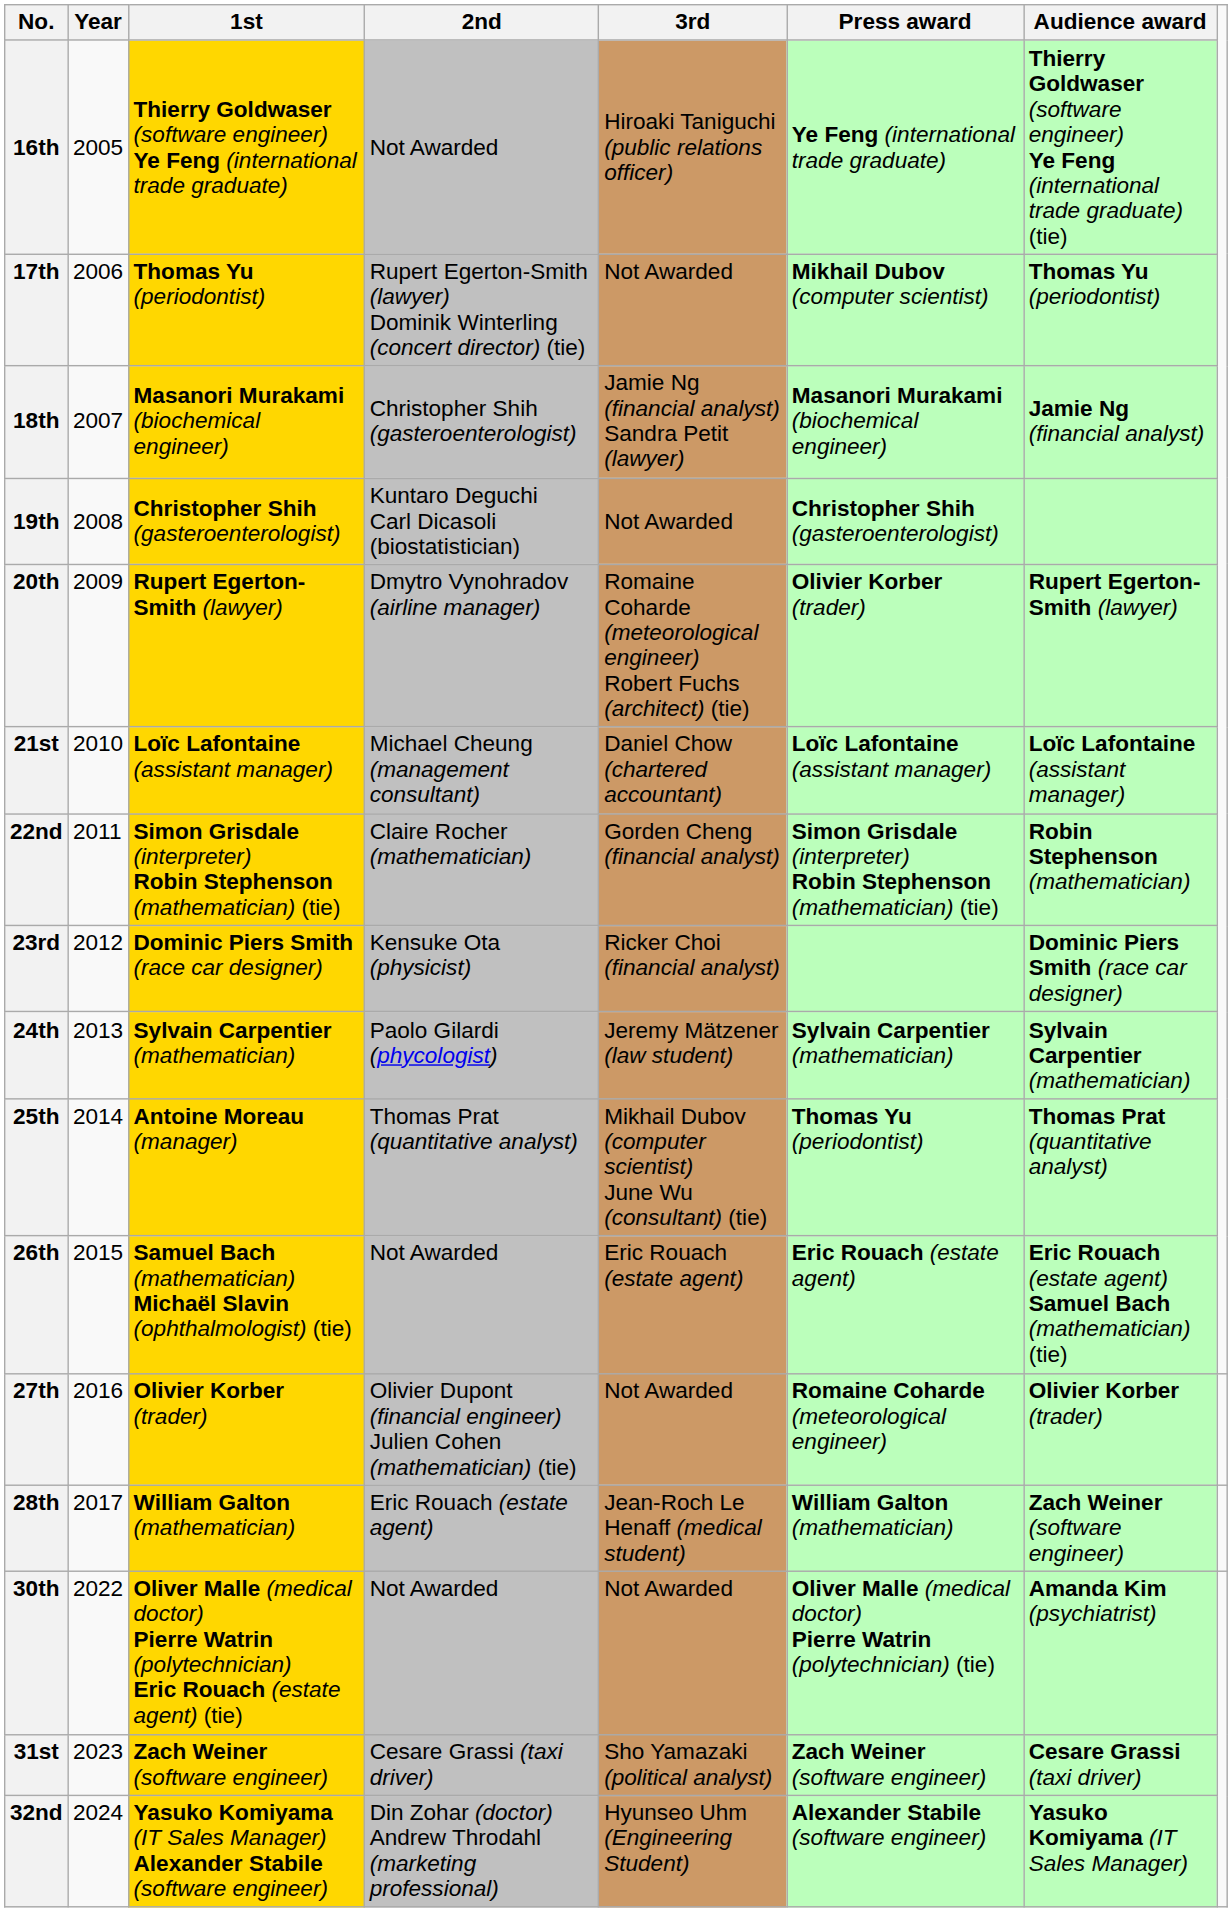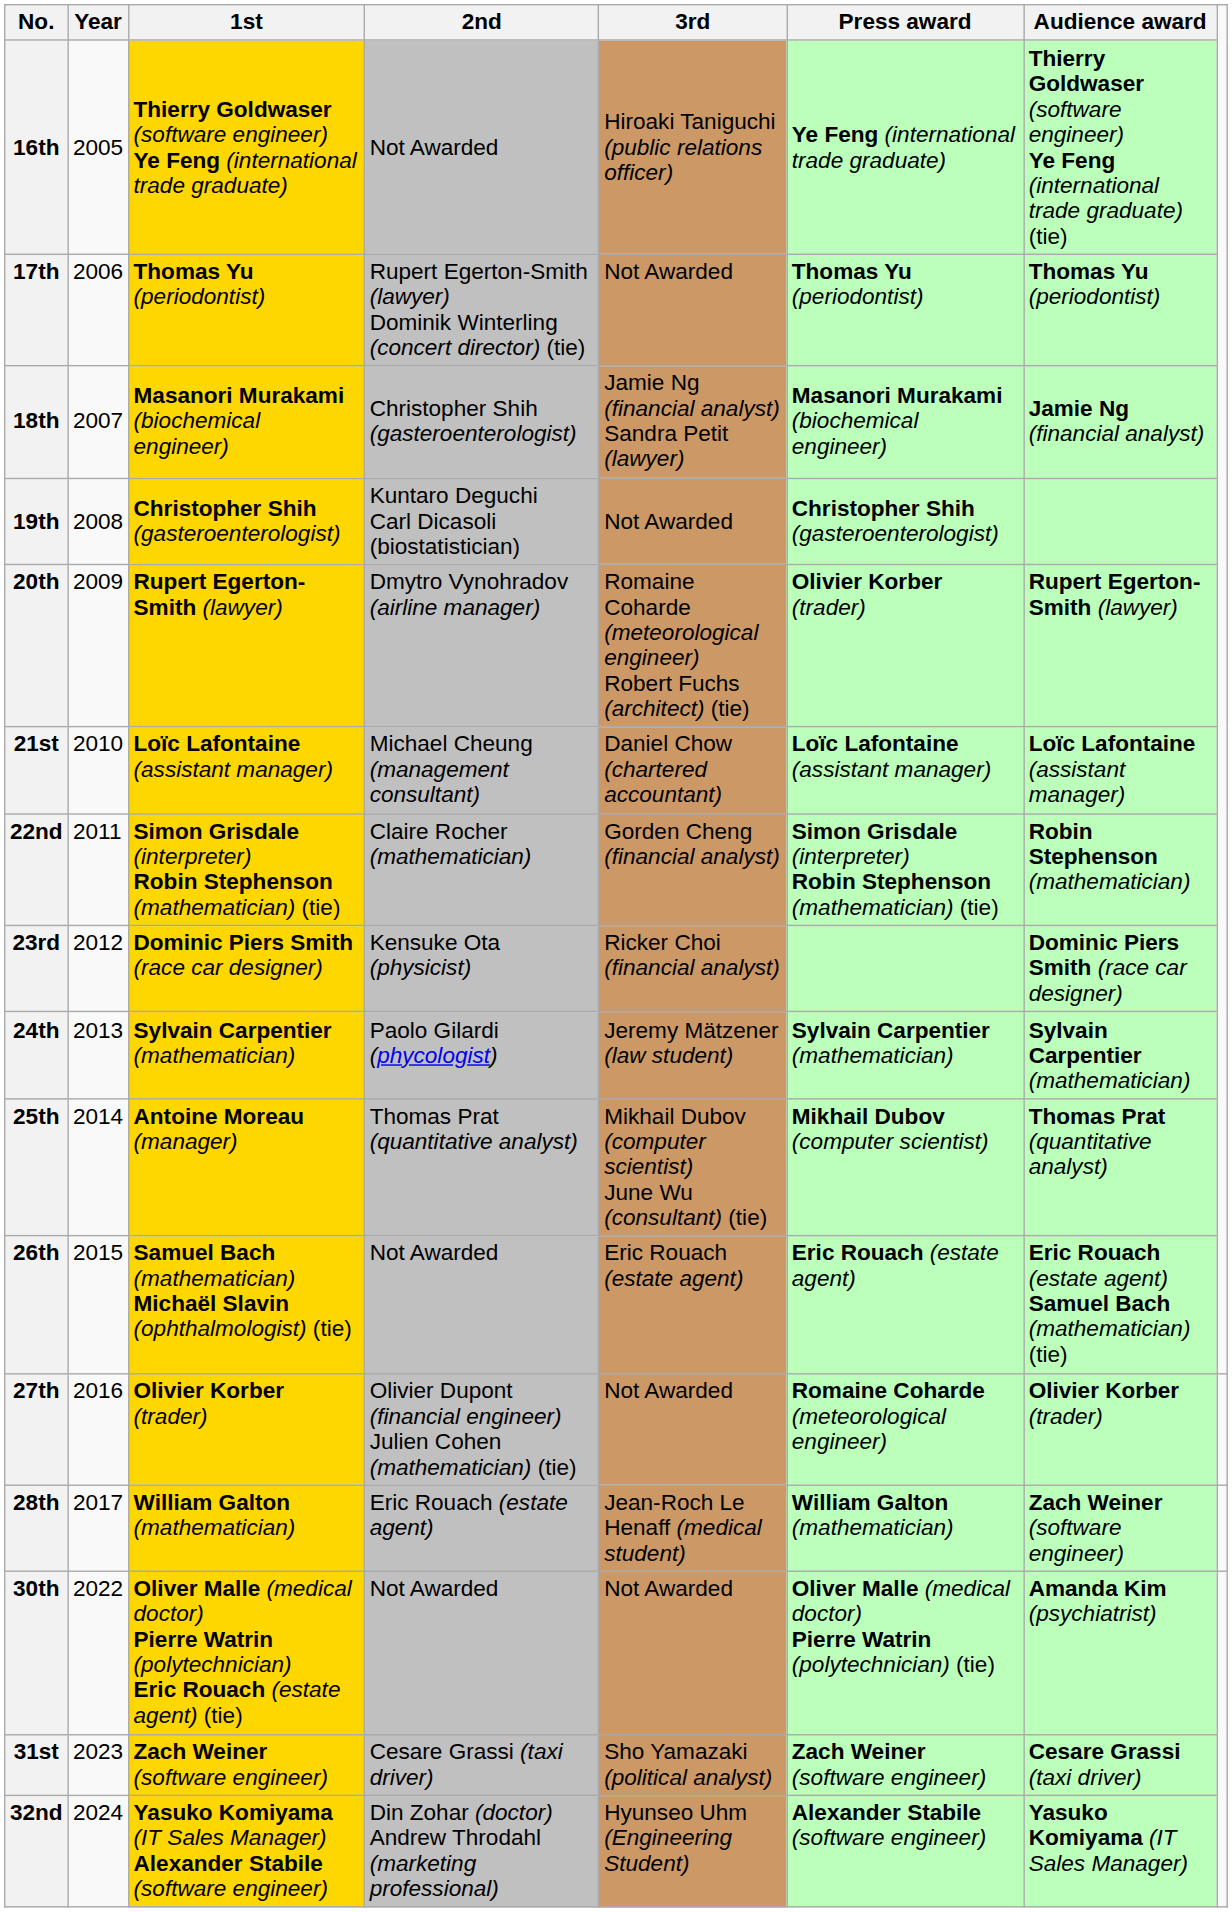 <table class="wikitable">
 <tr>
 <th>No.</th>
 <th>Year</th>
 <th>1st</th>
 <th>2nd</th>
 <th>3rd</th>
 <th>Press award</th>
 <th>Audience award</th>
 </tr>
 <tr>
 <th>16th</th>
 <td>2005</td>
 <td bgcolor="gold"> <strong>Thierry Goldwaser</strong> <em>(software engineer)</em><br> <strong>Ye Feng</strong> <em>(international trade graduate)</em></td>
 <td bgcolor="silver">Not Awarded</td>
 <td bgcolor="cc9966"> Hiroaki Taniguchi <em>(public relations officer)</em></td>
 <td bgcolor="bbffbb"> <strong>Ye Feng</strong> <em>(international trade graduate)</em></td>
 <td bgcolor="bbffbb"> <strong>Thierry Goldwaser</strong> <em>(software engineer)</em><br> <strong>Ye Feng</strong> <em>(international trade graduate)</em> (tie)</td>
 </tr>
 <tr valign="top">
 <th>17th</th>
 <td>2006</td>
 <td bgcolor="gold"> <strong>Thomas Yu</strong> <em>(periodontist)</em></td>
 <td bgcolor="silver"> Rupert Egerton-Smith <em>(lawyer)</em><br> Dominik Winterling <em>(concert director)</em> (tie)</td>
 <td bgcolor="cc9966">Not Awarded</td>
-<td bgcolor="bbffbb"> <strong>Mikhail Dubov</strong> <em>(computer scientist)</em></td>
+<td bgcolor="bbffbb"> <strong>Thomas Yu</strong> <em>(periodontist)</em></td>
 <td bgcolor="bbffbb"> <strong>Thomas Yu</strong> <em>(periodontist)</em></td>
 </tr>
 <tr>
 <th>18th</th>
 <td>2007</td>
 <td bgcolor="gold"> <strong>Masanori Murakami</strong> <em>(biochemical engineer)</em></td>
 <td bgcolor="silver"> Christopher Shih <em>(gasteroenterologist)</em></td>
 <td bgcolor="cc9966"> Jamie Ng <em>(financial analyst)</em><br> Sandra Petit <em>(lawyer)</em></td>
 <td bgcolor="bbffbb"> <strong>Masanori Murakami</strong> <em>(biochemical engineer)</em></td>
 <td bgcolor="bbffbb"> <strong>Jamie Ng</strong> <em>(financial analyst)</em></td>
 </tr>
 <tr>
 <th>19th</th>
 <td>2008</td>
 <td bgcolor="gold"> <strong>Christopher Shih</strong> <em>(gasteroenterologist)</em></td>
 <td bgcolor="silver">  Kuntaro Deguchi<br> Carl Dicasoli (biostatistician)</td>
 <td bgcolor="cc9966">Not Awarded</td>
 <td bgcolor="bbffbb"> <strong>Christopher Shih</strong> <em>(gasteroenterologist)</em></td>
 <td bgcolor="bbffbb"></td>
 </tr>
 <tr valign="top">
 <th>20th</th>
 <td>2009</td>
 <td bgcolor="gold"> <strong>Rupert Egerton-Smith</strong> <em>(lawyer)</em></td>
 <td bgcolor="silver"> Dmytro Vynohradov <em>(airline manager)</em></td>
 <td bgcolor="cc9966"> Romaine Coharde <em>(meteorological engineer)</em><br> Robert Fuchs <em>(architect)</em> (tie)</td>
 <td bgcolor="bbffbb"> <strong>Olivier Korber</strong> <em>(trader)</em></td>
 <td bgcolor="bbffbb"> <strong>Rupert Egerton-Smith</strong> <em>(lawyer)</em></td>
 </tr>
 <tr valign="top">
 <th>21st</th>
 <td>2010</td>
 <td bgcolor="gold"> <strong>Loïc Lafontaine</strong> <em>(assistant manager)</em></td>
 <td bgcolor="silver"> Michael Cheung <em>(management consultant)</em></td>
 <td bgcolor="cc9966"> Daniel Chow <em>(chartered accountant)</em></td>
 <td bgcolor="bbffbb"> <strong>Loïc Lafontaine</strong> <em>(assistant manager)</em></td>
 <td bgcolor="bbffbb"> <strong>Loïc Lafontaine</strong> <em>(assistant manager)</em></td>
 </tr>
 <tr valign="top">
 <th>22nd</th>
 <td>2011</td>
 <td bgcolor="gold"> <strong>Simon Grisdale</strong> <em>(interpreter)</em><br> <strong>Robin Stephenson</strong> <em>(mathematician)</em> (tie)</td>
 <td bgcolor="silver"> Claire Rocher <em>(mathematician)</em></td>
 <td bgcolor="cc9966"> Gorden Cheng <em>(financial analyst)</em></td>
 <td bgcolor="bbffbb"> <strong>Simon Grisdale</strong> <em>(interpreter)</em><br> <strong>Robin Stephenson</strong> <em>(mathematician)</em> (tie)</td>
 <td bgcolor="bbffbb"> <strong>Robin Stephenson</strong> <em>(mathematician)</em></td>
 </tr>
 <tr valign="top">
 <th>23rd</th>
 <td>2012</td>
 <td bgcolor="gold"> <strong>Dominic Piers Smith</strong> <em>(race car designer)</em></td>
 <td bgcolor="silver"> Kensuke Ota <em>(physicist)</em></td>
 <td bgcolor="cc9966"> Ricker Choi <em>(financial analyst)</em></td>
 <td bgcolor="bbffbb"></td>
 <td bgcolor="bbffbb"> <strong>Dominic Piers Smith</strong> <em>(race car designer)</em></td>
 </tr>
 <tr valign="top">
 <th>24th</th>
 <td>2013</td>
 <td bgcolor="gold"> <strong>Sylvain Carpentier</strong> <em>(mathematician)</em></td>
 <td bgcolor="silver"> Paolo Gilardi <em>(<a href='#'>phycologist</a>)</em></td>
 <td bgcolor="cc9966"> Jeremy Mätzener <em>(law student)</em></td>
 <td bgcolor="bbffbb"> <strong>Sylvain Carpentier</strong> <em>(mathematician)</em></td>
 <td bgcolor="bbffbb"> <strong>Sylvain Carpentier</strong> <em>(mathematician)</em></td>
 </tr>
 <tr valign="top">
 <th>25th</th>
 <td>2014</td>
 <td bgcolor="gold"> <strong>Antoine Moreau</strong> <em>(manager)</em></td>
 <td bgcolor="silver"> Thomas Prat <em>(quantitative analyst)</em></td>
 <td bgcolor="cc9966"> Mikhail Dubov <em>(computer scientist)</em><br> June Wu <em>(consultant)</em> (tie)</td>
-<td bgcolor="bbffbb"> <strong>Thomas Yu</strong> <em>(periodontist)</em></td>
+<td bgcolor="bbffbb"> <strong>Mikhail Dubov</strong> <em>(computer scientist)</em></td>
 <td bgcolor="bbffbb"> <strong>Thomas Prat</strong> <em>(quantitative analyst)</em></td>
 </tr>
 <tr valign="top">
 <th>26th</th>
 <td>2015</td>
 <td bgcolor="gold"> <strong>Samuel Bach</strong> <em>(mathematician)</em><br> <strong>Michaël Slavin</strong> <em>(ophthalmologist)</em> (tie)</td>
 <td bgcolor="silver">Not Awarded</td>
 <td bgcolor="cc9966"> Eric Rouach <em>(estate agent)</em></td>
 <td bgcolor="bbffbb"> <strong>Eric Rouach</strong> <em>(estate agent)</em></td>
 <td bgcolor="bbffbb"> <strong>Eric Rouach</strong> <em>(estate agent)</em><br> <strong>Samuel Bach</strong> <em>(mathematician)</em> (tie)</td>
 </tr>
 <tr valign="top">
 <th>27th</th>
 <td>2016</td>
 <td bgcolor="gold"> <strong>Olivier Korber</strong> <em>(trader)</em></td>
 <td bgcolor="silver"> Olivier Dupont <em>(financial engineer)</em><br> Julien Cohen <em>(mathematician)</em> (tie)</td>
 <td bgcolor="cc9966">Not Awarded</td>
 <td bgcolor="bbffbb"> <strong>Romaine Coharde</strong> <em>(meteorological engineer)</em></td>
 <td bgcolor="bbffbb"> <strong>Olivier Korber</strong> <em>(trader)</em></td>
 <td></td>
 </tr>
 <tr valign="top">
 <th>28th</th>
 <td>2017</td>
 <td bgcolor="gold"> <strong>William Galton</strong> <em>(mathematician)</em></td>
 <td bgcolor="silver"> Eric Rouach <em>(estate agent)</em></td>
 <td bgcolor="cc9966"> Jean-Roch Le Henaff <em>(medical student)</em></td>
 <td bgcolor="bbffbb"> <strong>William Galton</strong> <em>(mathematician)</em></td>
 <td bgcolor="bbffbb"> <strong>Zach Weiner</strong> <em>(software engineer)</em></td>
 <td></td>
 </tr>
 <tr valign="top">
 <th>30th</th>
 <td>2022</td>
 <td bgcolor="gold"> <strong>Oliver Malle</strong> <em>(medical doctor)</em><br> <strong>Pierre Watrin</strong> <em>(polytechnician)</em><br> <strong>Eric Rouach</strong> <em>(estate agent)</em> (tie)</td>
 <td bgcolor="silver">Not Awarded</td>
 <td bgcolor="cc9966">Not Awarded</td>
 <td bgcolor="bbffbb"> <strong>Oliver Malle</strong> <em>(medical doctor)</em><br> <strong>Pierre Watrin</strong> <em>(polytechnician)</em> (tie)</td>
 <td bgcolor="bbffbb"> <strong>Amanda Kim</strong> <em>(psychiatrist)</em></td>
 </tr>
 <tr valign="top">
 <th>31st</th>
 <td>2023</td>
 <td bgcolor="gold"> <strong>Zach Weiner</strong> <em>(software engineer)</em></td>
 <td bgcolor="silver"> Cesare Grassi <em>(taxi driver)</em></td>
 <td bgcolor="cc9966"> Sho Yamazaki <em>(political analyst)</em></td>
 <td bgcolor="bbffbb"> <strong>Zach Weiner</strong> <em>(software engineer)</em></td>
 <td bgcolor="bbffbb"> <strong>Cesare Grassi</strong> <em>(taxi driver)</em></td>
 </tr>
 <tr valign="top">
 <th>32nd</th>
 <td>2024</td>
 <td bgcolor="gold"> <strong>Yasuko Komiyama</strong> <em>(IT Sales Manager)</em><br> <strong>Alexander Stabile</strong> <em>(software engineer)</em></td>
 <td bgcolor="silver"> Din Zohar <em>(doctor)</em><br> Andrew Throdahl <em>(marketing professional)</em></td>
 <td bgcolor="cc9966"> Hyunseo Uhm <em>(Engineering Student)</em></td>
 <td bgcolor="bbffbb"> <strong>Alexander Stabile</strong> <em>(software engineer)</em></td>
 <td bgcolor="bbffbb"> <strong>Yasuko Komiyama</strong> <em>(IT Sales Manager)</em></td>
 </tr>
 </table>
